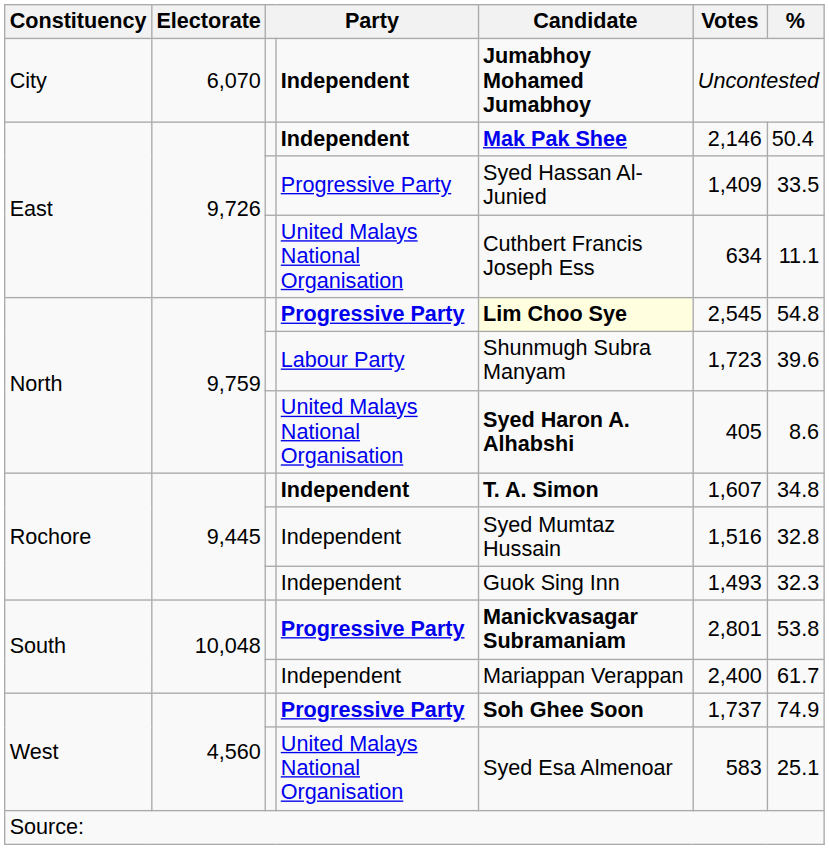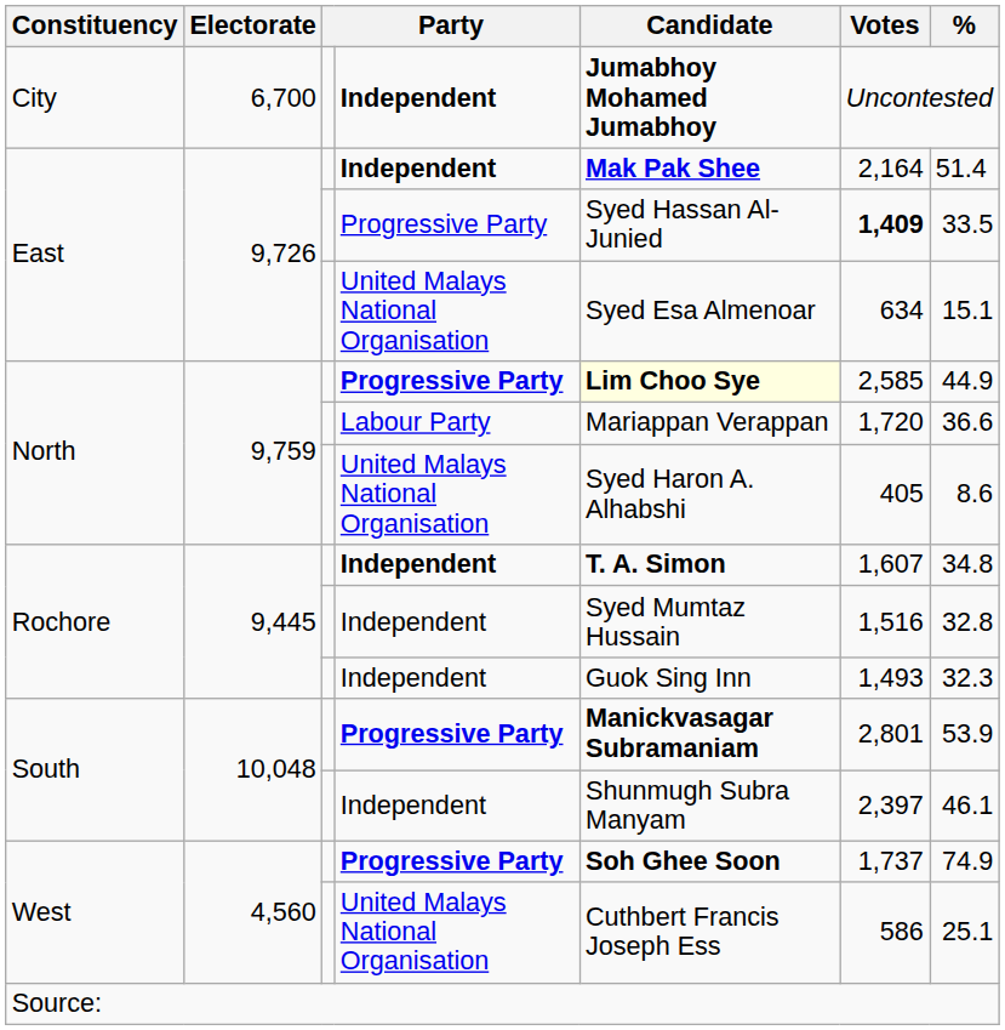 <table class="wikitable sortable">
 <tr>
 <th>Constituency</th>
 <th>Electorate</th>
 <th colspan="2">Party</th>
 <th>Candidate</th>
 <th>Votes</th>
 <th>%</th>
 </tr>
 <tr>
 <td>City</td>
-<td align=right>6,070</td>
+<td align=right>6,700</td>
 <td style="color:inherit;background:"></td>
 <td><strong>Independent</strong></td>
 <td><strong>Jumabhoy Mohamed Jumabhoy</strong></td>
 <td colspan="2"><em>Uncontested</em></td>
 </tr>
 <tr>
 <td rowspan="3">East</td>
 <td rowspan="3" align=right>9,726</td>
 <td style="color:inherit;background:"></td>
 <td><strong>Independent</strong></td>
 <td><strong><a href='#'>Mak Pak Shee</a></strong></td>
-<td align=right>2,146</td>
-<td>50.4</td>
+<td align=right>2,164</td>
+<td>51.4</td>
 </tr>
 <tr>
 <td style="color:inherit;background:"></td>
 <td><a href='#'>Progressive Party</a></td>
 <td>Syed Hassan Al-Junied</td>
-<td align=right>1,409</td>
+<td align=right><strong>1,409</strong></td>
 <td align=right>33.5</td>
 </tr>
 <tr>
 <td style="color:inherit;background:"></td>
 <td><a href='#'>United Malays National Organisation</a></td>
-<td>Cuthbert Francis Joseph Ess</td>
+<td>Syed Esa Almenoar</td>
 <td align=right>634</td>
-<td align=right>11.1</td>
+<td align=right>15.1</td>
 </tr>
 <tr>
 <td rowspan="3">North</td>
 <td rowspan="3" align=right>9,759</td>
 <td style="color:inherit;background:"></td>
 <td><strong><a href='#'>Progressive Party</a></strong></td>
 <td style="background: lightyellow;"><strong>Lim Choo Sye</strong></td>
-<td align=right>2,545</td>
-<td align=right>54.8</td>
+<td align=right>2,585</td>
+<td align=right>44.9</td>
 </tr>
 <tr>
 <td style="color:inherit;background:"></td>
 <td><a href='#'>Labour Party</a></td>
-<td>Shunmugh Subra Manyam</td>
-<td align=right>1,723</td>
-<td align=right>39.6</td>
+<td>Mariappan Verappan</td>
+<td align=right>1,720</td>
+<td align=right>36.6</td>
 </tr>
 <tr>
 <td style="color:inherit;background:"></td>
 <td><a href='#'>United Malays National Organisation</a></td>
-<td><strong>Syed Haron A. Alhabshi</strong></td>
+<td>Syed Haron A. Alhabshi</td>
 <td align=right>405</td>
 <td align=right>8.6</td>
 </tr>
 <tr>
 <td rowspan="3">Rochore</td>
 <td rowspan="3" align=right>9,445</td>
 <td style="color:inherit;background:"></td>
 <td><strong>Independent</strong></td>
 <td><strong>T. A. Simon</strong></td>
 <td align=right>1,607</td>
 <td align=right>34.8</td>
 </tr>
 <tr>
 <td style="color:inherit;background:"></td>
 <td>Independent</td>
 <td>Syed Mumtaz Hussain</td>
 <td align=right>1,516</td>
 <td align=right>32.8</td>
 </tr>
 <tr>
 <td style="color:inherit;background:"></td>
 <td>Independent</td>
 <td>Guok Sing Inn</td>
 <td align=right>1,493</td>
 <td align=right>32.3</td>
 </tr>
 <tr>
 <td rowspan="2">South</td>
 <td rowspan="2" align=right>10,048</td>
 <td style="color:inherit;background:"></td>
 <td><strong><a href='#'>Progressive Party</a></strong></td>
 <td><strong>Manickvasagar Subramaniam</strong></td>
 <td align=right>2,801</td>
-<td align=right>53.8</td>
+<td align=right>53.9</td>
 </tr>
 <tr>
 <td style="color:inherit;background:"></td>
 <td>Independent</td>
-<td>Mariappan Verappan</td>
-<td align=right>2,400</td>
-<td align=right>61.7</td>
+<td>Shunmugh Subra Manyam</td>
+<td align=right>2,397</td>
+<td align=right>46.1</td>
 </tr>
 <tr>
 <td rowspan="2">West</td>
 <td rowspan="2" align=right>4,560</td>
 <td style="color:inherit;background:"></td>
 <td><strong><a href='#'>Progressive Party</a></strong></td>
 <td><strong>Soh Ghee Soon</strong></td>
 <td align=right>1,737</td>
 <td align=right>74.9</td>
 </tr>
 <tr>
 <td style="color:inherit;background:"></td>
 <td><a href='#'>United Malays National Organisation</a></td>
-<td>Syed Esa Almenoar</td>
-<td align=right>583</td>
+<td>Cuthbert Francis Joseph Ess</td>
+<td align=right>586</td>
 <td align=right>25.1</td>
 </tr>
 <tr class="sortbottom">
 <td colspan="7">Source: </td>
 </tr>
 </table>
